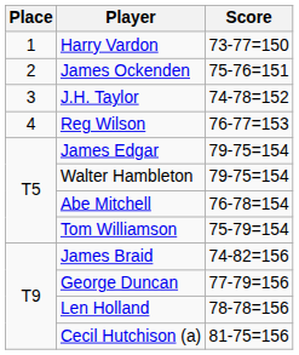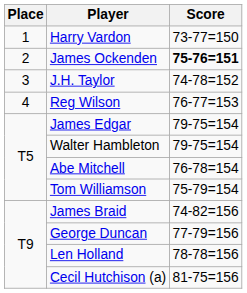 <table class=wikitable>
 <tr>
 <th>Place</th>
 <th>Player</th>
 <th>Score</th>
 </tr>
 <tr>
 <td align=center>1</td>
 <td> <a href='#'>Harry Vardon</a></td>
 <td>73-77=150</td>
 </tr>
 <tr>
 <td align=center>2</td>
 <td> <a href='#'>James Ockenden</a></td>
-<td>75-76=151</td>
+<td><strong>75-76=151</strong></td>
 </tr>
 <tr>
 <td align=center>3</td>
 <td> <a href='#'>J.H. Taylor</a></td>
 <td>74-78=152</td>
 </tr>
 <tr>
 <td align=center>4</td>
 <td> <a href='#'>Reg Wilson</a></td>
 <td>76-77=153</td>
 </tr>
 <tr>
 <td rowspan=4 align=center>T5</td>
 <td> <a href='#'>James Edgar</a></td>
 <td>79-75=154</td>
 </tr>
 <tr>
 <td> Walter Hambleton</td>
 <td>79-75=154</td>
 </tr>
 <tr>
 <td> <a href='#'>Abe Mitchell</a></td>
 <td>76-78=154</td>
 </tr>
 <tr>
 <td> <a href='#'>Tom Williamson</a></td>
 <td>75-79=154</td>
 </tr>
 <tr>
 <td rowspan=4 align=center>T9</td>
 <td> <a href='#'>James Braid</a></td>
 <td>74-82=156</td>
 </tr>
 <tr>
 <td> <a href='#'>George Duncan</a></td>
 <td>77-79=156</td>
 </tr>
 <tr>
 <td> <a href='#'>Len Holland</a></td>
 <td>78-78=156</td>
 </tr>
 <tr>
 <td> <a href='#'>Cecil Hutchison</a> (a)</td>
 <td>81-75=156</td>
 </tr>
 </table>
